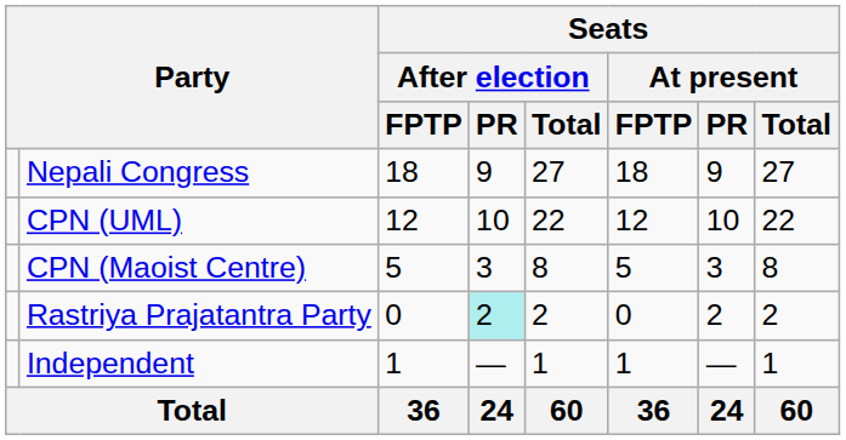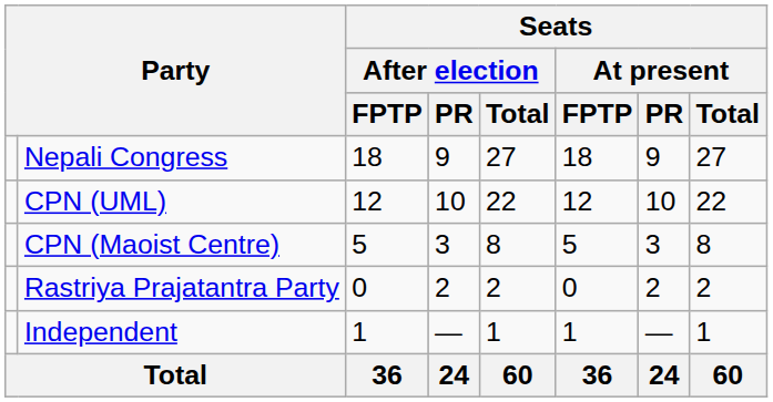 <table class="wikitable">
 <tr>
 <th colspan="2" rowspan="3">Party</th>
 <th colspan="6">Seats</th>
 </tr>
 <tr>
 <th colspan="3">After <a href='#'>election</a></th>
 <th colspan="3">At present</th>
 </tr>
 <tr>
 <th>FPTP</th>
 <th>PR</th>
 <th>Total</th>
 <th>FPTP</th>
 <th>PR</th>
 <th>Total</th>
 </tr>
 <tr>
 <td></td>
 <td><a href='#'>Nepali Congress</a></td>
 <td>18</td>
 <td>9</td>
 <td>27</td>
 <td>18</td>
 <td>9</td>
 <td>27</td>
 </tr>
 <tr>
 <td></td>
 <td><a href='#'>CPN (UML)</a></td>
 <td>12</td>
 <td>10</td>
 <td>22</td>
 <td>12</td>
 <td>10</td>
 <td>22</td>
 </tr>
 <tr>
 <td></td>
 <td><a href='#'>CPN (Maoist Centre)</a></td>
 <td>5</td>
 <td>3</td>
 <td>8</td>
 <td>5</td>
 <td>3</td>
 <td>8</td>
 </tr>
 <tr>
 <td></td>
 <td><a href='#'>Rastriya Prajatantra Party</a></td>
 <td>0</td>
-<td style="background: paleturquoise;">2</td>
+<td>2</td>
 <td>2</td>
 <td>0</td>
 <td>2</td>
 <td>2</td>
 </tr>
 <tr>
 <td></td>
 <td><a href='#'>Independent</a></td>
 <td>1</td>
 <td>—</td>
 <td>1</td>
 <td>1</td>
 <td>—</td>
 <td>1</td>
 </tr>
 <tr>
 <th colspan="2">Total</th>
 <th>36</th>
 <th>24</th>
 <th>60</th>
 <th>36</th>
 <th>24</th>
 <th>60</th>
 </tr>
 </table>
